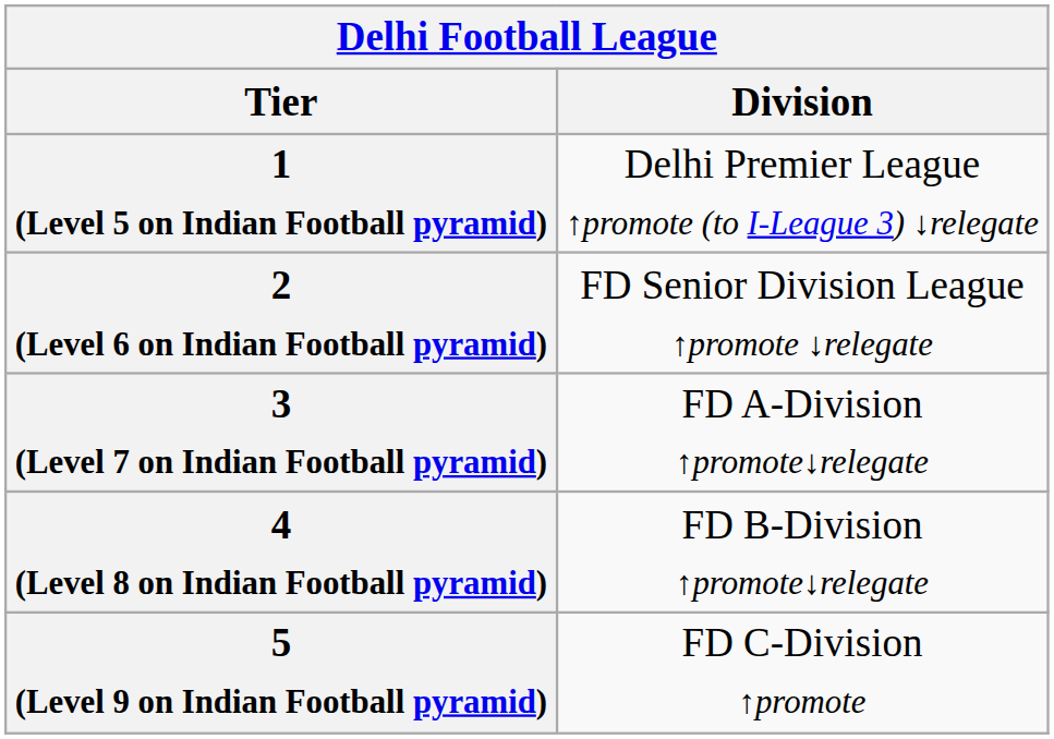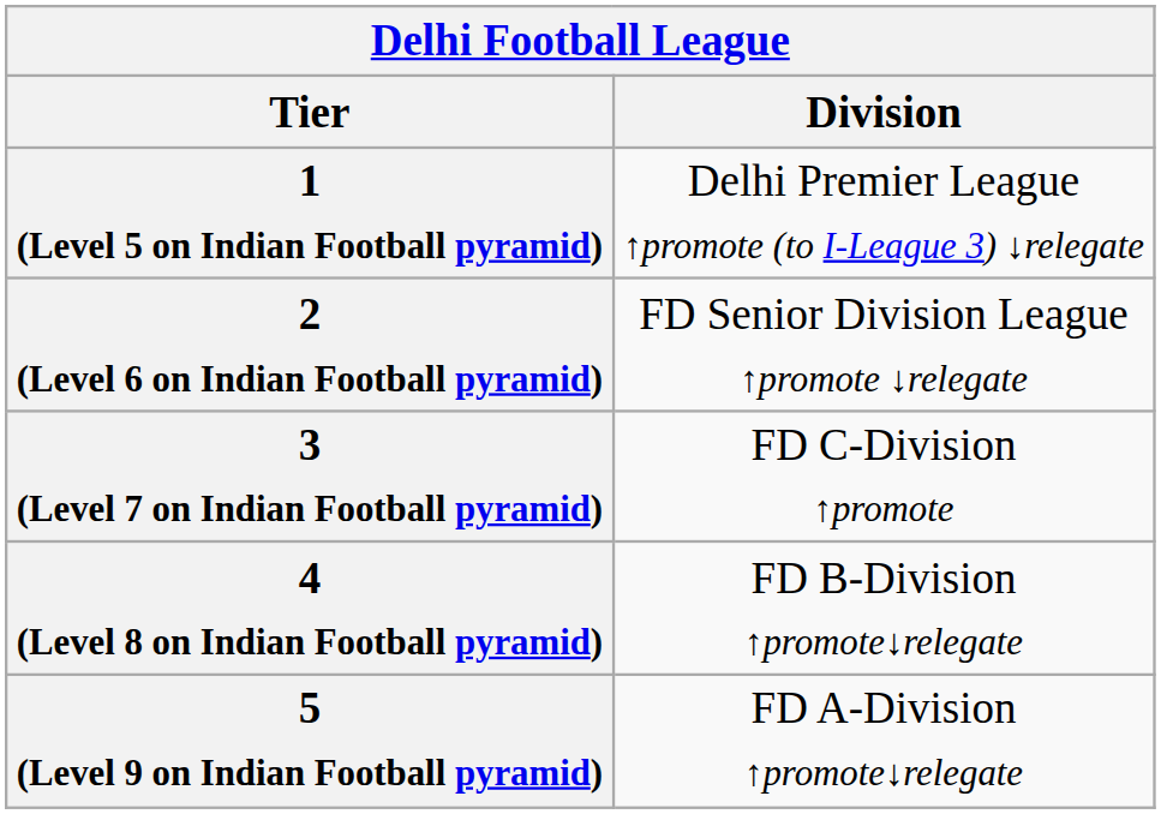 <table class="wikitable" style="text-align:center;">
 <tr>
 <th colspan="2"><a href='#'>Delhi Football League</a></th>
 </tr>
 <tr>
 <th>Tier</th>
 <th>Division</th>
 </tr>
 <tr>
 <th>1<br><sub>(Level 5 on Indian Football <a href='#'>pyramid</a>)</sub></th>
 <td>Delhi Premier League<br><em><sub>↑promote (to <a href='#'>I-League 3</a>) ↓relegate</sub></em></td>
 </tr>
 <tr>
 <th>2<br><sub>(Level 6 on Indian Football <a href='#'>pyramid</a>)</sub></th>
 <td>FD Senior Division League<br><em><sub>↑promote ↓relegate</sub></em></td>
 </tr>
 <tr>
 <th>3<br><sub>(Level 7 on Indian Football <a href='#'>pyramid</a>)</sub></th>
-<td>FD A-Division<br><em><sub>↑promote↓relegate</sub></em></td>
+<td>FD C-Division<br><em><sub>↑promote</sub></em></td>
 </tr>
 <tr>
 <th>4<br><sub>(Level 8 on Indian Football <a href='#'>pyramid</a>)</sub></th>
 <td>FD B-Division<br><em><sub>↑promote↓relegate</sub></em></td>
 </tr>
 <tr>
 <th>5<br><sub>(Level 9 on Indian Football <a href='#'>pyramid</a>)</sub></th>
-<td>FD C-Division<br><em><sub>↑promote</sub></em></td>
+<td>FD A-Division<br><em><sub>↑promote↓relegate</sub></em></td>
 </tr>
 </table>
